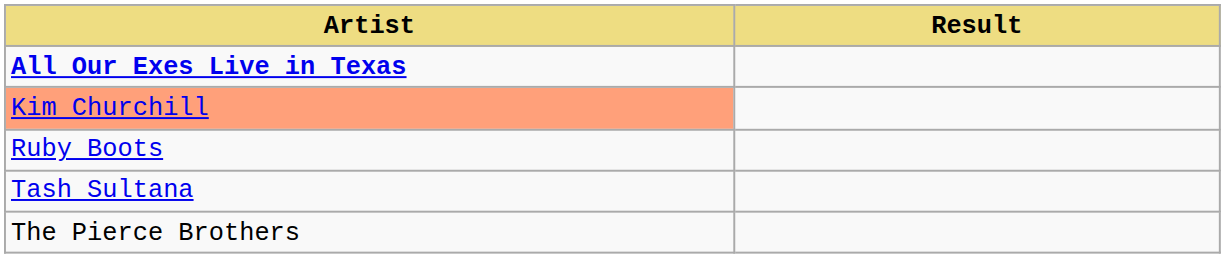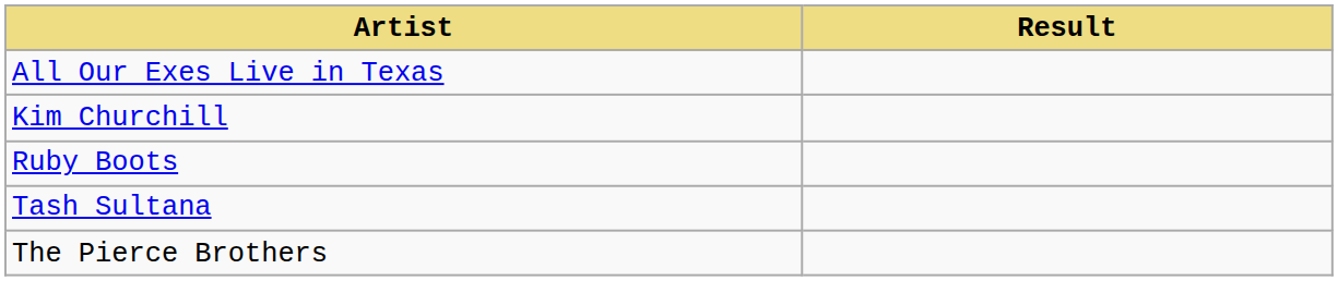 <table class="wikitable" width=100%>
 <tr>
 <th style="width:15%;background:#EEDD82;">Artist</th>
 <th style="width:10%;background:#EEDD82;">Result</th>
 </tr>
 <tr>
-<td><strong><a href='#'>All Our Exes Live in Texas</a></strong></td>
+<td><a href='#'>All Our Exes Live in Texas</a></td>
 <td></td>
 </tr>
 <tr>
-<td style="background: lightsalmon;"><a href='#'>Kim Churchill</a></td>
+<td><a href='#'>Kim Churchill</a></td>
 <td></td>
 </tr>
 <tr>
 <td><a href='#'>Ruby Boots</a></td>
 <td></td>
 </tr>
 <tr>
 <td><a href='#'>Tash Sultana</a></td>
 <td></td>
 </tr>
 <tr>
 <td>The Pierce Brothers</td>
 <td></td>
 </tr>
 </table>
